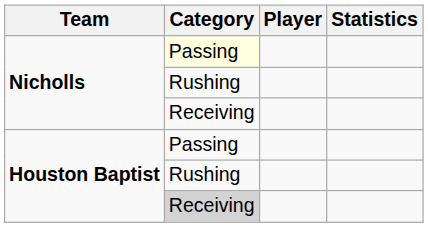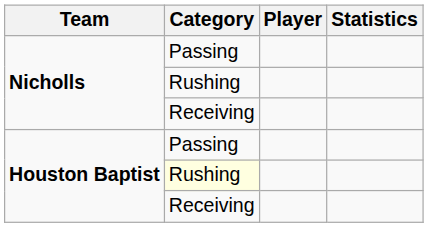 <table class="wikitable" style="float: left;">
 <tr>
 <th>Team</th>
 <th>Category</th>
 <th>Player</th>
 <th>Statistics</th>
 </tr>
 <tr>
 <td rowspan=3><strong>Nicholls</strong></td>
-<td style="background: lightyellow;">Passing</td>
+<td>Passing</td>
 <td> </td>
 <td> </td>
 </tr>
 <tr>
 <td>Rushing</td>
 <td> </td>
 <td> </td>
 </tr>
 <tr>
 <td>Receiving</td>
 <td> </td>
 <td> </td>
 </tr>
 <tr>
 <td rowspan=3><strong>Houston Baptist</strong></td>
 <td>Passing</td>
 <td> </td>
 <td> </td>
 </tr>
 <tr>
-<td>Rushing</td>
+<td style="background: lightyellow;">Rushing</td>
 <td> </td>
 <td> </td>
 </tr>
 <tr>
-<td style="background: lightgrey;">Receiving</td>
+<td>Receiving</td>
 <td> </td>
 <td> </td>
 </tr>
 </table>
